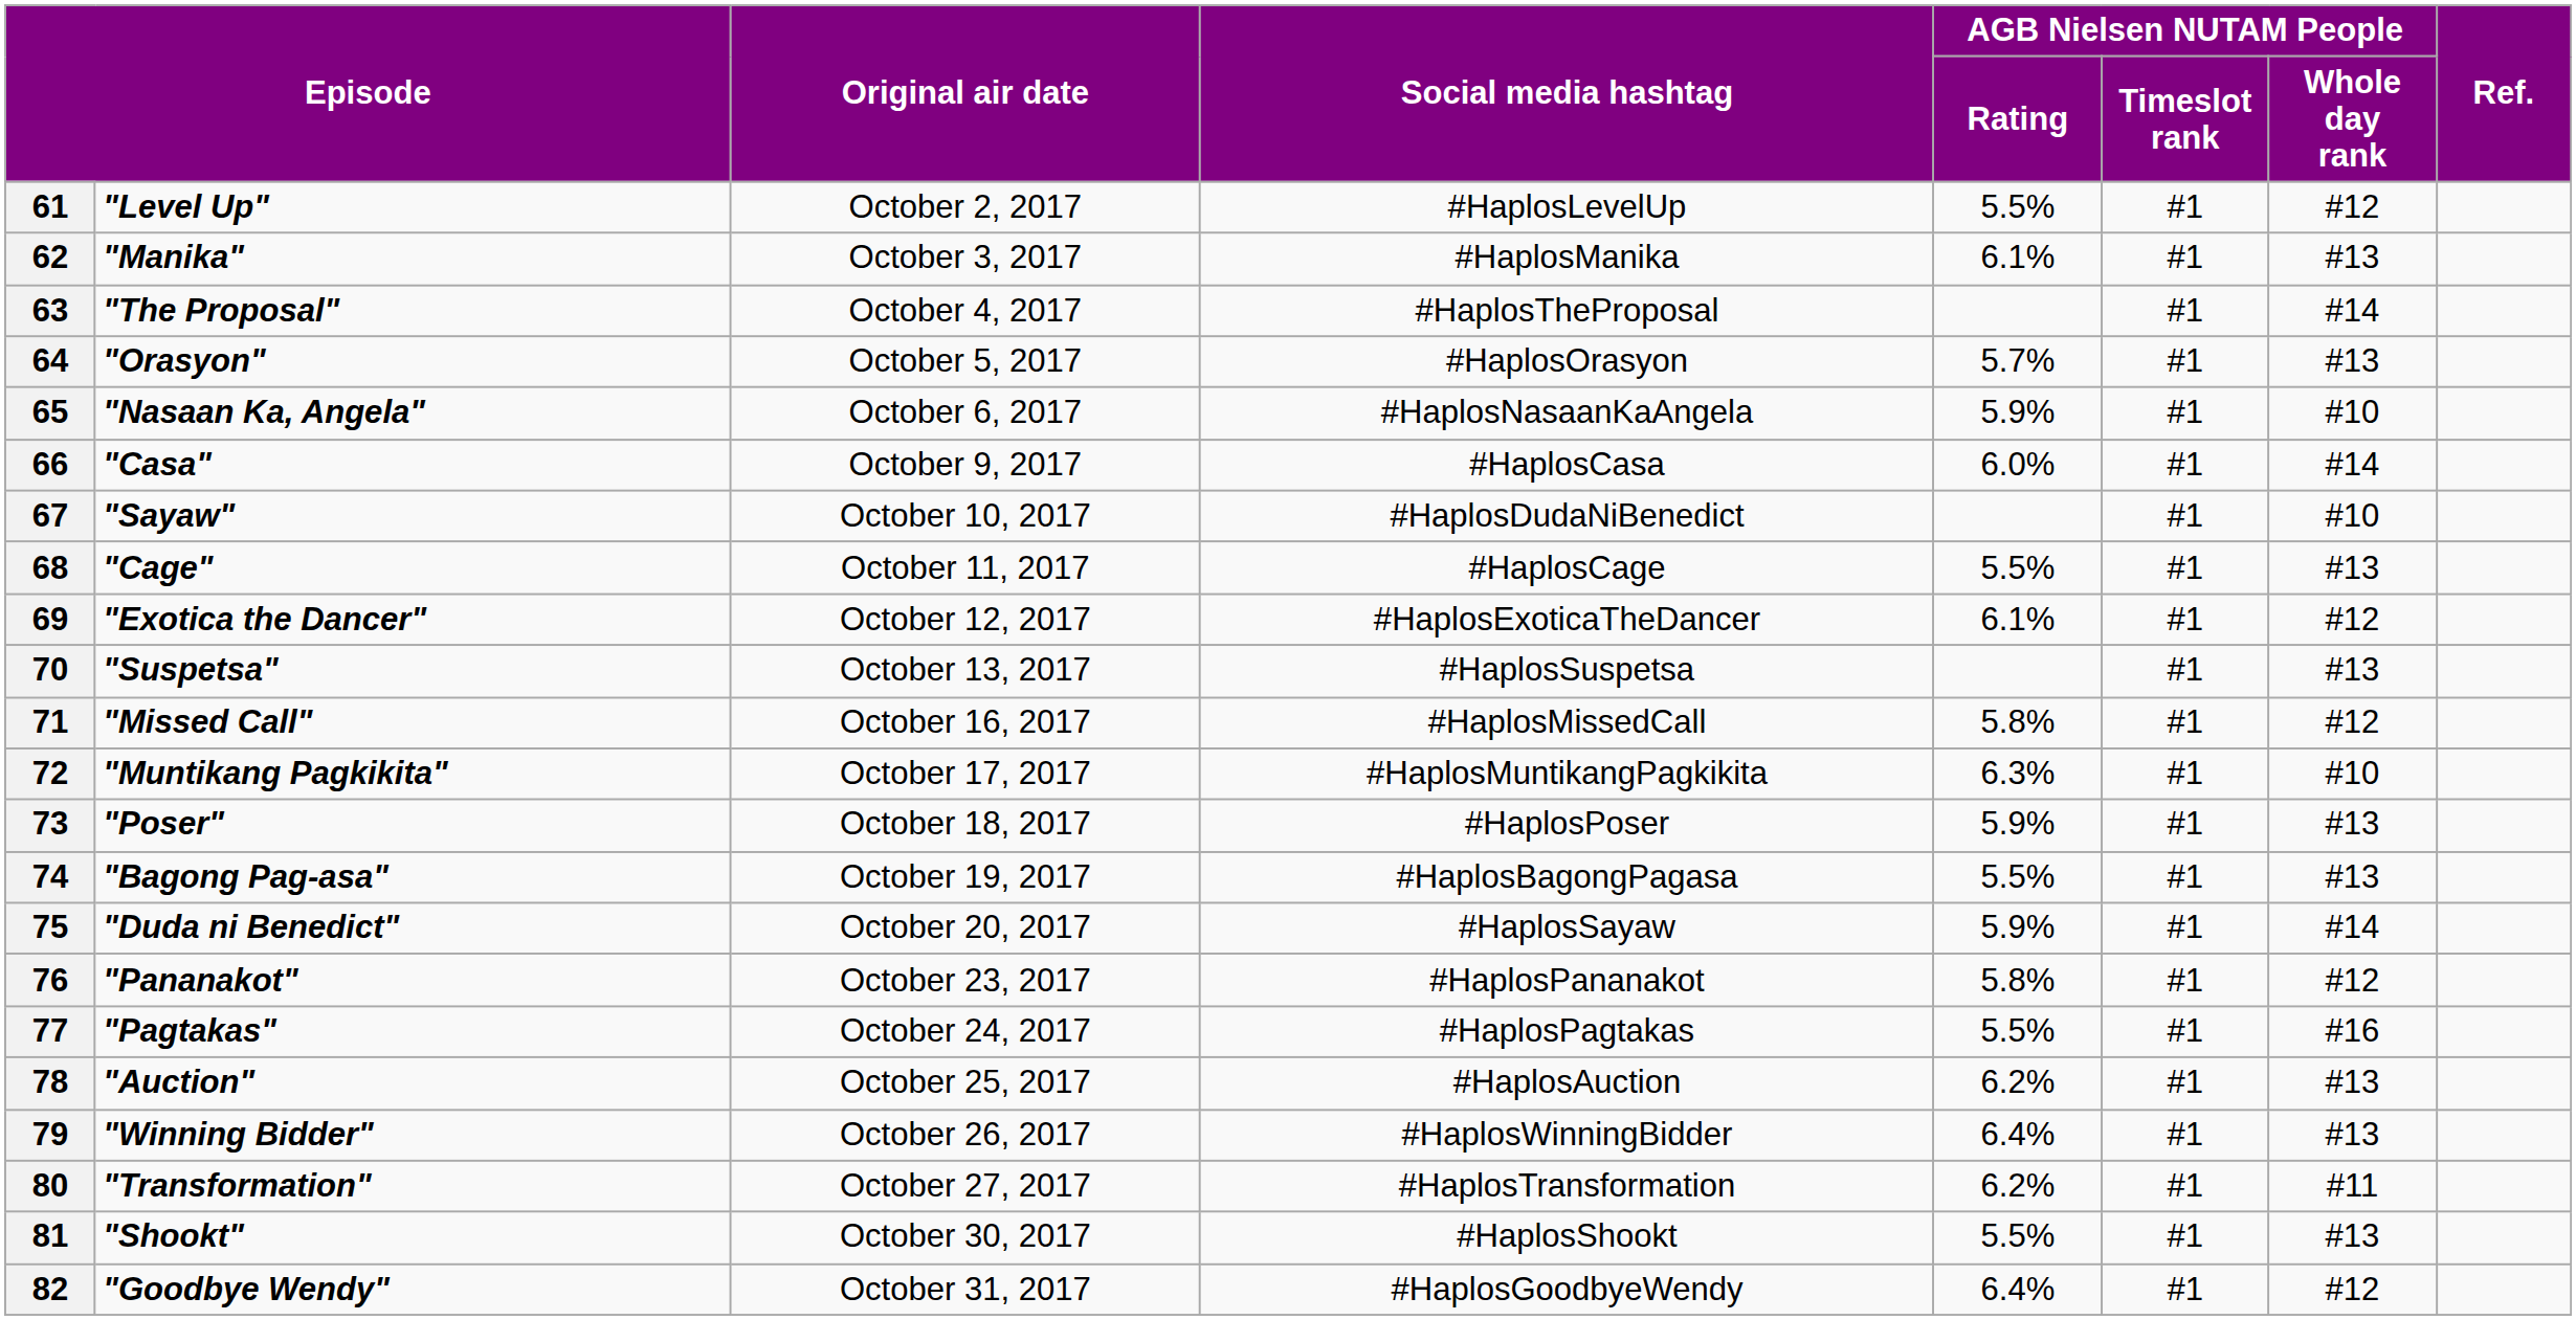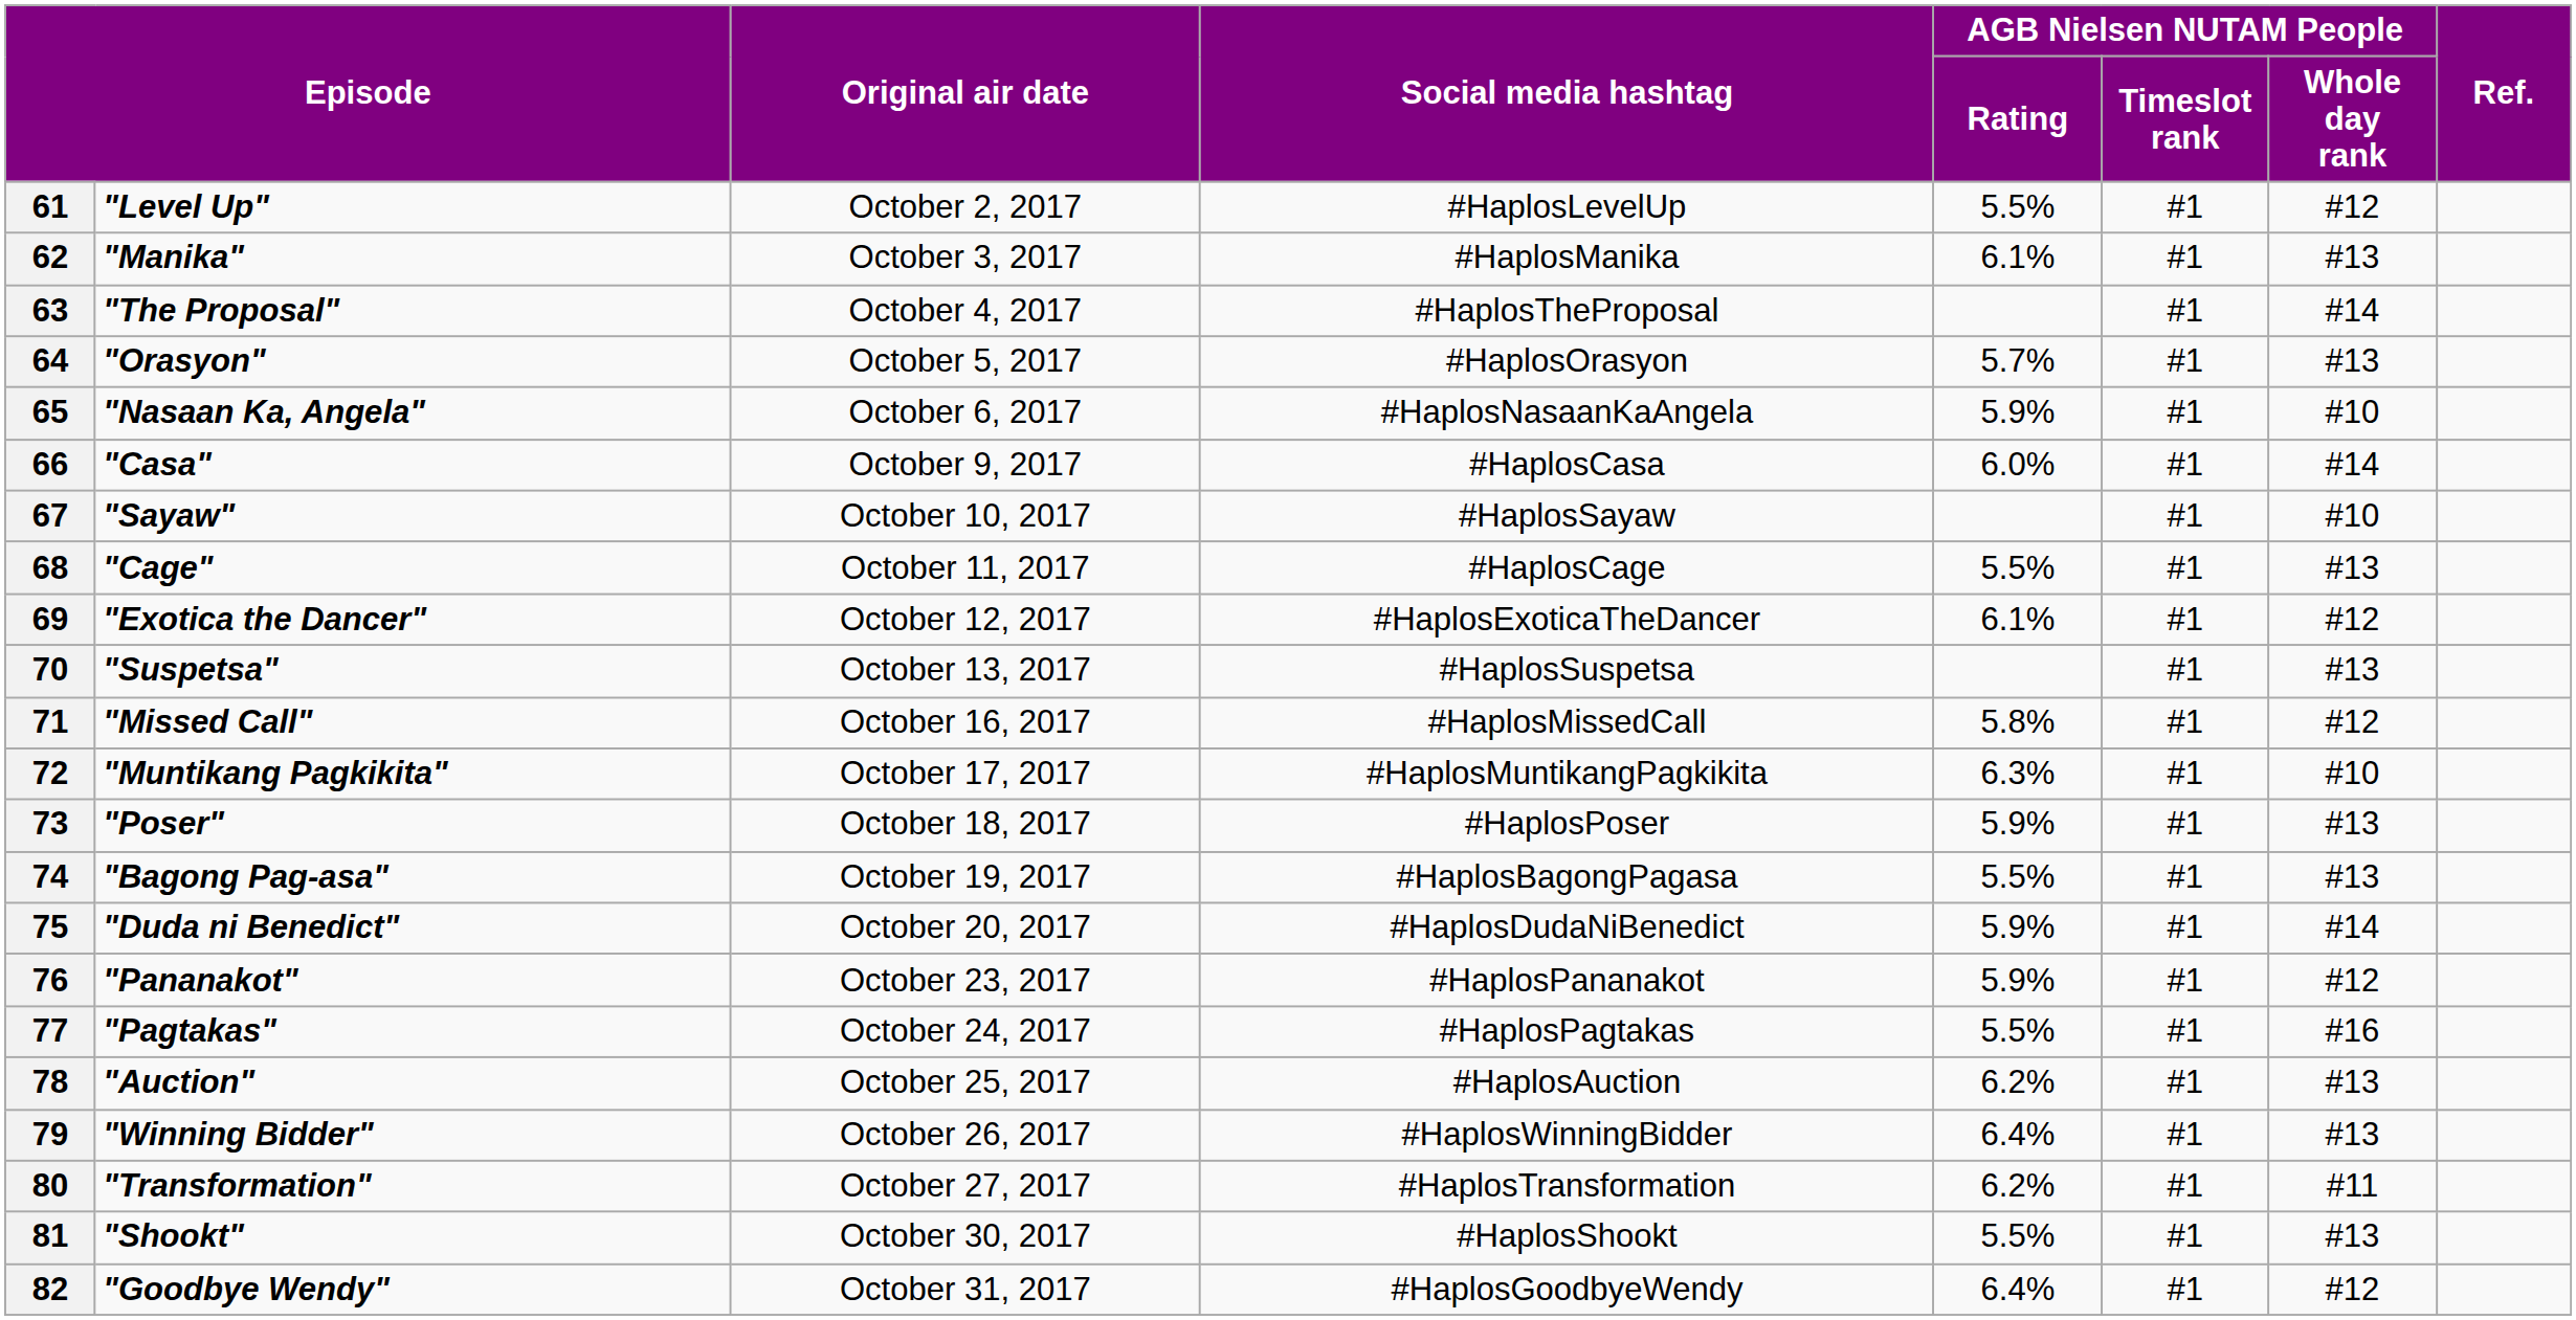 <table class="wikitable" style="text-align:center; font-size:100%; line-height:18px;"  width="100%">
 <tr>
 <th colspan="2" rowspan="2" style="background-color:#800080; color:#ffffff;">Episode</th>
 <th style="background:#800080; color:white" rowspan="2">Original air date</th>
 <th style="background:#800080; color:white" rowspan="2">Social media hashtag</th>
 <th style="background-color:#800080; color:#ffffff;" colspan="3">AGB Nielsen NUTAM People</th>
 <th style="background-color:#800080; color:#ffffff;" rowspan="2">Ref.</th>
 </tr>
 <tr>
 <th style="background-color:#800080; width:75px; color:#ffffff;">Rating</th>
 <th style="background-color:#800080; width:75px; color:#ffffff;">Timeslot<br>rank</th>
 <th style="background-color:#800080; width:75px; color:#ffffff;">Whole day<br>rank</th>
 </tr>
 <tr>
 <th>61</th>
 <td style="text-align: left;"><strong><em>"Level Up"</em></strong></td>
 <td>October 2, 2017</td>
 <td>#HaplosLevelUp</td>
 <td>5.5%</td>
 <td>#1</td>
 <td>#12</td>
 <td></td>
 </tr>
 <tr>
 <th>62</th>
 <td style="text-align: left;"><strong><em>"Manika"</em></strong></td>
 <td>October 3, 2017</td>
 <td>#HaplosManika</td>
 <td>6.1%</td>
 <td>#1</td>
 <td>#13</td>
 <td></td>
 </tr>
 <tr>
 <th>63</th>
 <td style="text-align: left;"><strong><em>"The Proposal"</em></strong></td>
 <td>October 4, 2017</td>
 <td>#HaplosTheProposal</td>
 <td></td>
 <td>#1</td>
 <td>#14</td>
 <td></td>
 </tr>
 <tr>
 <th>64</th>
 <td style="text-align: left;"><strong><em>"Orasyon"</em></strong></td>
 <td>October 5, 2017</td>
 <td>#HaplosOrasyon</td>
 <td>5.7%</td>
 <td>#1</td>
 <td>#13</td>
 <td></td>
 </tr>
 <tr>
 <th>65</th>
 <td style="text-align: left;"><strong><em>"Nasaan Ka, Angela"</em></strong></td>
 <td>October 6, 2017</td>
 <td>#HaplosNasaanKaAngela</td>
 <td>5.9%</td>
 <td>#1</td>
 <td>#10</td>
 <td></td>
 </tr>
 <tr>
 <th>66</th>
 <td style="text-align: left;"><strong><em>"Casa"</em></strong></td>
 <td>October 9, 2017</td>
 <td>#HaplosCasa</td>
 <td>6.0%</td>
 <td>#1</td>
 <td>#14</td>
 <td></td>
 </tr>
 <tr>
 <th>67</th>
 <td style="text-align: left;"><strong><em>"Sayaw"</em></strong></td>
 <td>October 10, 2017</td>
-<td>#HaplosDudaNiBenedict</td>
+<td>#HaplosSayaw</td>
 <td></td>
 <td>#1</td>
 <td>#10</td>
 <td></td>
 </tr>
 <tr>
 <th>68</th>
 <td style="text-align: left;"><strong><em>"Cage"</em></strong></td>
 <td>October 11, 2017</td>
 <td>#HaplosCage</td>
 <td>5.5%</td>
 <td>#1</td>
 <td>#13</td>
 <td></td>
 </tr>
 <tr>
 <th>69</th>
 <td style="text-align: left;"><strong><em>"Exotica the Dancer"</em></strong></td>
 <td>October 12, 2017</td>
 <td>#HaplosExoticaTheDancer</td>
 <td>6.1%</td>
 <td>#1</td>
 <td>#12</td>
 <td></td>
 </tr>
 <tr>
 <th>70</th>
 <td style="text-align: left;"><strong><em>"Suspetsa"</em></strong></td>
 <td>October 13, 2017</td>
 <td>#HaplosSuspetsa</td>
 <td></td>
 <td>#1</td>
 <td>#13</td>
 <td></td>
 </tr>
 <tr>
 <th>71</th>
 <td style="text-align: left;"><strong><em>"Missed Call"</em></strong></td>
 <td>October 16, 2017</td>
 <td>#HaplosMissedCall</td>
 <td>5.8%</td>
 <td>#1</td>
 <td>#12</td>
 <td></td>
 </tr>
 <tr>
 <th>72</th>
 <td style="text-align: left;"><strong><em>"Muntikang Pagkikita"</em></strong></td>
 <td>October 17, 2017</td>
 <td>#HaplosMuntikangPagkikita</td>
 <td>6.3%</td>
 <td>#1</td>
 <td>#10</td>
 <td></td>
 </tr>
 <tr>
 <th>73</th>
 <td style="text-align: left;"><strong><em>"Poser"</em></strong></td>
 <td>October 18, 2017</td>
 <td>#HaplosPoser</td>
 <td>5.9%</td>
 <td>#1</td>
 <td>#13</td>
 <td></td>
 </tr>
 <tr>
 <th>74</th>
 <td style="text-align: left;"><strong><em>"Bagong Pag-asa"</em></strong></td>
 <td>October 19, 2017</td>
 <td>#HaplosBagongPagasa</td>
 <td>5.5%</td>
 <td>#1</td>
 <td>#13</td>
 <td></td>
 </tr>
 <tr>
 <th>75</th>
 <td style="text-align: left;"><strong><em>"Duda ni Benedict"</em></strong></td>
 <td>October 20, 2017</td>
-<td>#HaplosSayaw</td>
+<td>#HaplosDudaNiBenedict</td>
 <td>5.9%</td>
 <td>#1</td>
 <td>#14</td>
 <td></td>
 </tr>
 <tr>
 <th>76</th>
 <td style="text-align: left;"><strong><em>"Pananakot"</em></strong></td>
 <td>October 23, 2017</td>
 <td>#HaplosPananakot</td>
-<td>5.8%</td>
+<td>5.9%</td>
 <td>#1</td>
 <td>#12</td>
 <td></td>
 </tr>
 <tr>
 <th>77</th>
 <td style="text-align: left;"><strong><em>"Pagtakas"</em></strong></td>
 <td>October 24, 2017</td>
 <td>#HaplosPagtakas</td>
 <td>5.5%</td>
 <td>#1</td>
 <td>#16</td>
 <td></td>
 </tr>
 <tr>
 <th>78</th>
 <td style="text-align: left;"><strong><em>"Auction"</em></strong></td>
 <td>October 25, 2017</td>
 <td>#HaplosAuction</td>
 <td>6.2%</td>
 <td>#1</td>
 <td>#13</td>
 <td></td>
 </tr>
 <tr>
 <th>79</th>
 <td style="text-align: left;"><strong><em>"Winning Bidder"</em></strong></td>
 <td>October 26, 2017</td>
 <td>#HaplosWinningBidder</td>
 <td>6.4%</td>
 <td>#1</td>
 <td>#13</td>
 <td></td>
 </tr>
 <tr>
 <th>80</th>
 <td style="text-align: left;"><strong><em>"Transformation"</em></strong></td>
 <td>October 27, 2017</td>
 <td>#HaplosTransformation</td>
 <td>6.2%</td>
 <td>#1</td>
 <td>#11</td>
 <td></td>
 </tr>
 <tr>
 <th>81</th>
 <td style="text-align: left;"><strong><em>"Shookt"</em></strong></td>
 <td>October 30, 2017</td>
 <td>#HaplosShookt</td>
 <td>5.5%</td>
 <td>#1</td>
 <td>#13</td>
 <td></td>
 </tr>
 <tr>
 <th>82</th>
 <td style="text-align: left;"><strong><em>"Goodbye Wendy"</em></strong></td>
 <td>October 31, 2017</td>
 <td>#HaplosGoodbyeWendy</td>
 <td>6.4%</td>
 <td>#1</td>
 <td>#12</td>
 <td></td>
 </tr>
 <tr>
 </tr>
 </table>
